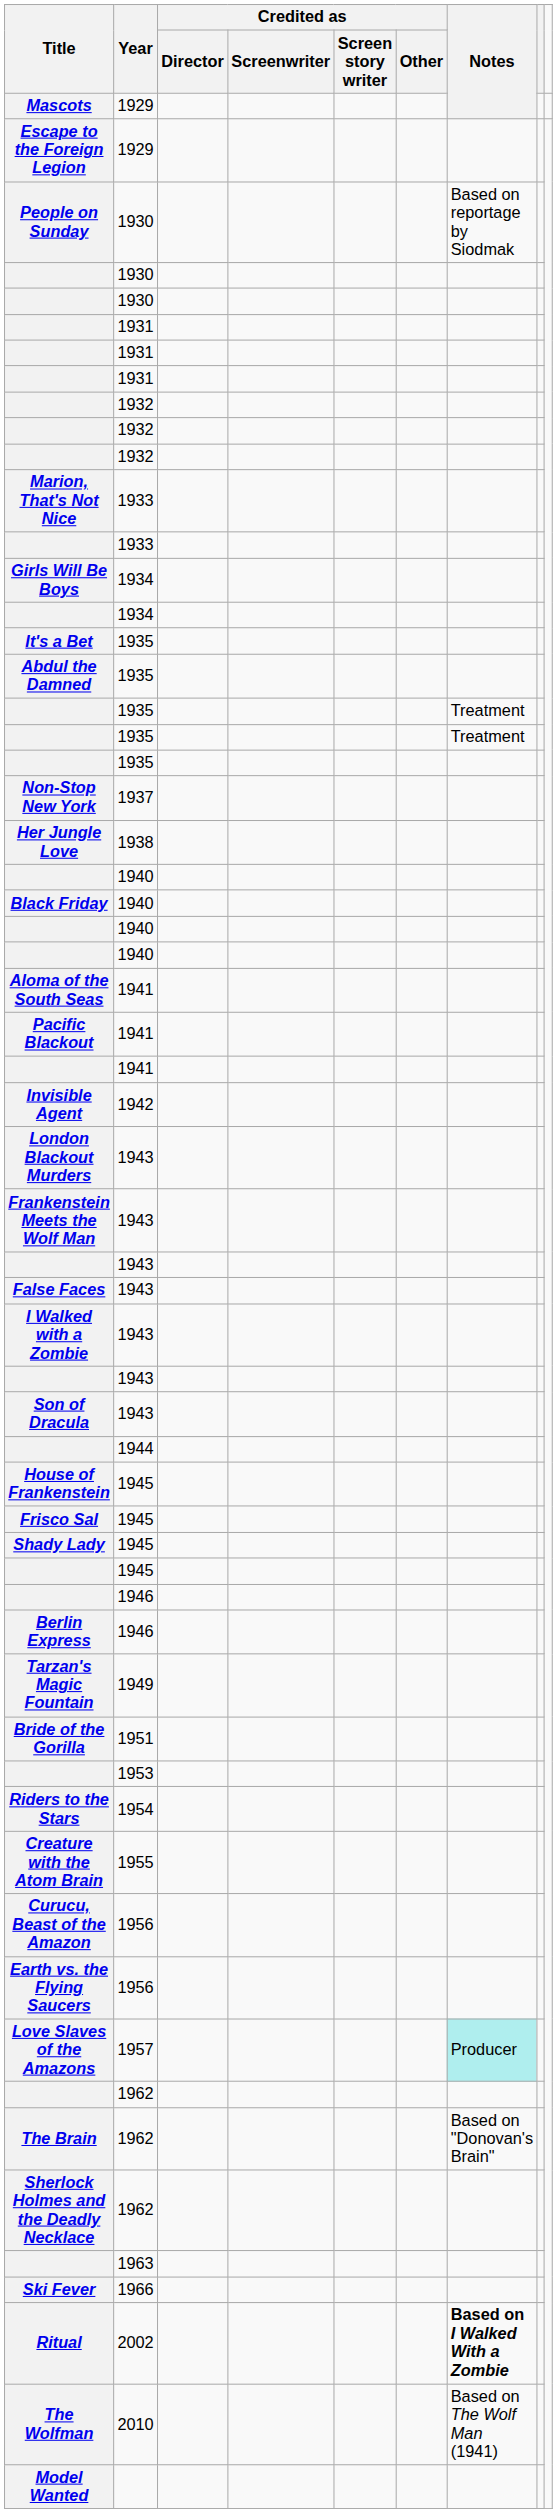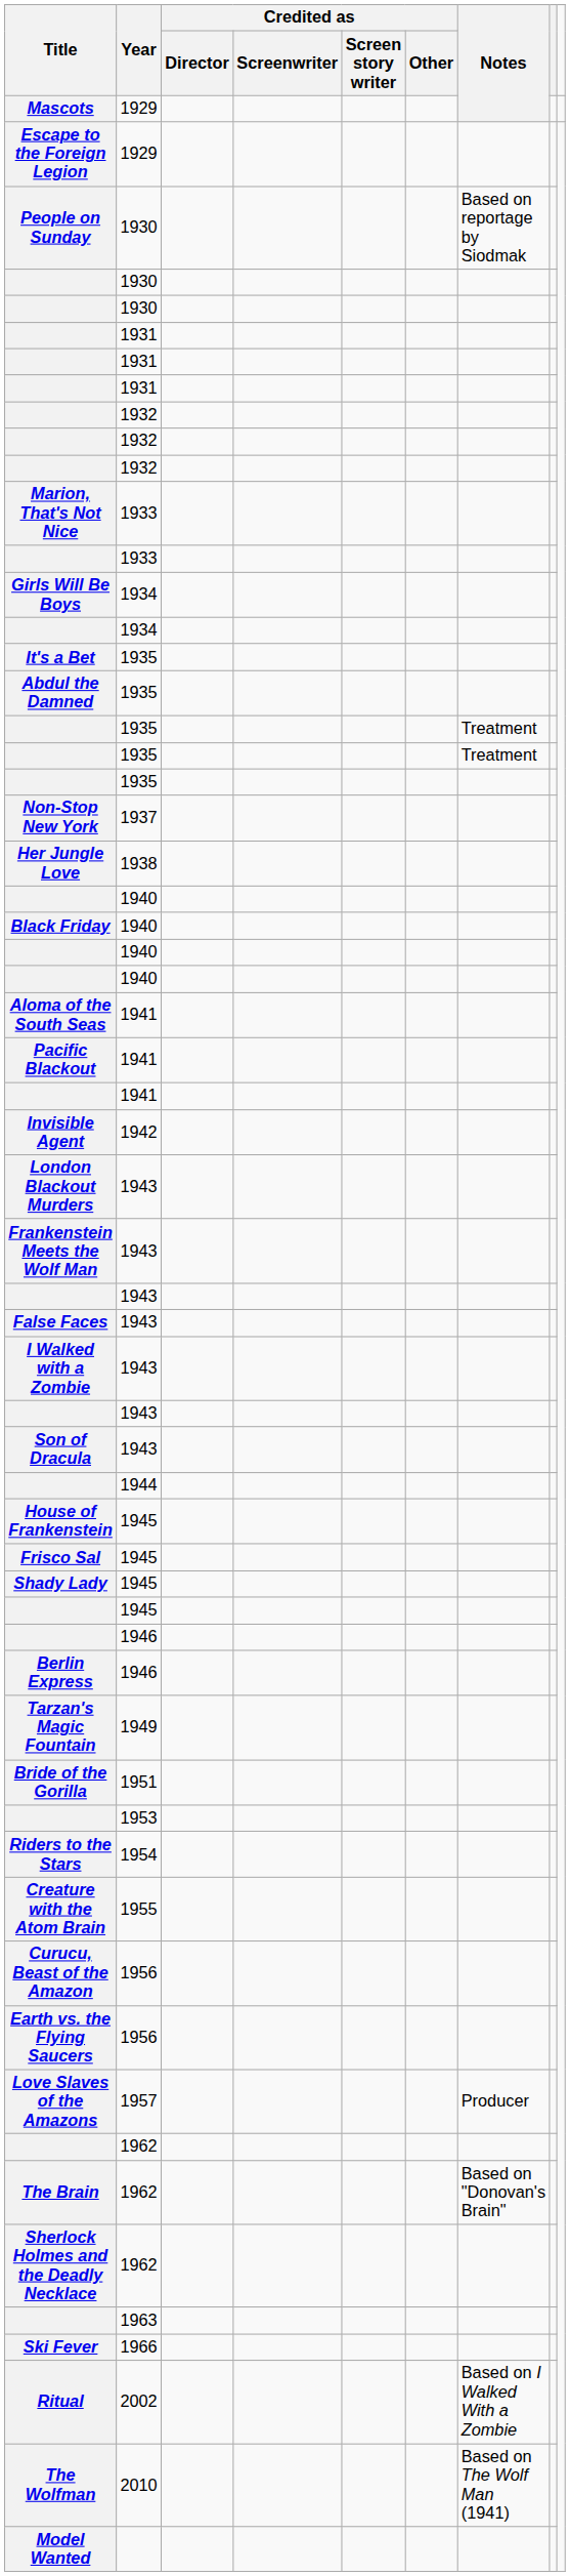 <table class="wikitable sortable plainrowheaders" width="80%">
 <tr>
 <th width="12%" rowspan="2" scope="col">Title</th>
 <th width="4%" rowspan="2" scope="col">Year</th>
 <th colspan="4" scope="col">Credited as</th>
 <th width="5%" rowspan="3" scope="col" class="unsortable">Notes</th>
 <th width="1%" rowspan="2" scope="col" class="unsortable"></th>
 </tr>
 <tr>
 <th width=6%>Director</th>
 <th width=6%>Screenwriter</th>
 <th width=6%>Screen story writer</th>
 <th width=6%>Other</th>
 </tr>
 <tr>
 <th scope="row"><em><a href='#'>Mascots</a></em></th>
 <td>1929</td>
 <td></td>
 <td></td>
 <td></td>
 <td></td>
 <td></td>
 <td style="text-align:center;"></td>
 </tr>
 <tr>
 <th scope="row"><em><a href='#'>Escape to the Foreign Legion</a></em></th>
 <td>1929</td>
 <td></td>
 <td></td>
 <td></td>
 <td></td>
 <td></td>
 <td style="text-align:center;"></td>
 </tr>
 <tr>
 <th scope="row"><em><a href='#'>People on Sunday</a></em></th>
 <td>1930</td>
 <td></td>
 <td></td>
 <td></td>
 <td></td>
 <td>Based on reportage by Siodmak</td>
 <td style="text-align:center;"></td>
 </tr>
 <tr>
 <th scope="row"></th>
 <td>1930</td>
 <td></td>
 <td></td>
 <td></td>
 <td></td>
 <td></td>
 <td style="text-align:center;"></td>
 </tr>
 <tr>
 <th scope="row"></th>
 <td>1930</td>
 <td></td>
 <td></td>
 <td></td>
 <td></td>
 <td></td>
 <td style="text-align:center;"></td>
 </tr>
 <tr>
 <th scope="row"></th>
 <td>1931</td>
 <td></td>
 <td></td>
 <td></td>
 <td></td>
 <td></td>
 <td style="text-align:center;"></td>
 </tr>
 <tr>
 <th scope="row"></th>
 <td>1931</td>
 <td></td>
 <td></td>
 <td></td>
 <td></td>
 <td></td>
 <td style="text-align:center;"></td>
 </tr>
 <tr>
 <th scope="row"></th>
 <td>1931</td>
 <td></td>
 <td></td>
 <td></td>
 <td></td>
 <td></td>
 <td style="text-align:center;"></td>
 </tr>
 <tr>
 <th scope="row"></th>
 <td>1932</td>
 <td></td>
 <td></td>
 <td></td>
 <td></td>
 <td></td>
 <td style="text-align:center;"></td>
 </tr>
 <tr>
 <th scope="row"></th>
 <td>1932</td>
 <td></td>
 <td></td>
 <td></td>
 <td></td>
 <td></td>
 <td style="text-align:center;"></td>
 </tr>
 <tr>
 <th scope="row"></th>
 <td>1932</td>
 <td></td>
 <td></td>
 <td></td>
 <td></td>
 <td></td>
 <td style="text-align:center;"></td>
 </tr>
 <tr>
 <th scope="row"><em><a href='#'>Marion, That's Not Nice</a></em></th>
 <td>1933</td>
 <td></td>
 <td></td>
 <td></td>
 <td></td>
 <td></td>
 <td style="text-align:center;"></td>
 </tr>
 <tr>
 <th scope="row"></th>
 <td>1933</td>
 <td></td>
 <td></td>
 <td></td>
 <td></td>
 <td></td>
 <td style="text-align:center;"></td>
 </tr>
 <tr>
 <th scope="row"><em><a href='#'>Girls Will Be Boys</a></em></th>
 <td>1934</td>
 <td></td>
 <td></td>
 <td></td>
 <td></td>
 <td></td>
 <td style="text-align:center;"></td>
 </tr>
 <tr>
 <th scope="row"></th>
 <td>1934</td>
 <td></td>
 <td></td>
 <td></td>
 <td></td>
 <td></td>
 <td style="text-align:center;"></td>
 </tr>
 <tr>
 <th scope="row"><em><a href='#'>It's a Bet</a></em></th>
 <td>1935</td>
 <td></td>
 <td></td>
 <td></td>
 <td></td>
 <td></td>
 <td style="text-align:center;"></td>
 </tr>
 <tr>
 <th scope="row"><em><a href='#'>Abdul the Damned</a></em></th>
 <td>1935</td>
 <td></td>
 <td></td>
 <td></td>
 <td></td>
 <td></td>
 <td style="text-align:center;"></td>
 </tr>
 <tr>
 <th scope="row"></th>
 <td>1935</td>
 <td></td>
 <td></td>
 <td></td>
 <td></td>
 <td>Treatment</td>
 <td style="text-align:center;"></td>
 </tr>
 <tr>
 <th scope="row"></th>
 <td>1935</td>
 <td></td>
 <td></td>
 <td></td>
 <td></td>
 <td>Treatment</td>
 <td style="text-align:center;"></td>
 </tr>
 <tr>
 <th scope="row"></th>
 <td>1935</td>
 <td></td>
 <td></td>
 <td></td>
 <td></td>
 <td></td>
 <td style="text-align:center;"></td>
 </tr>
 <tr>
 <th scope="row"><em><a href='#'>Non-Stop New York</a></em></th>
 <td>1937</td>
 <td></td>
 <td></td>
 <td></td>
 <td></td>
 <td></td>
 <td style="text-align:center;"></td>
 </tr>
 <tr>
 <th scope="row"><em><a href='#'>Her Jungle Love</a></em></th>
 <td>1938</td>
 <td></td>
 <td></td>
 <td></td>
 <td></td>
 <td></td>
 <td style="text-align:center;"></td>
 </tr>
 <tr>
 <th scope="row"></th>
 <td>1940</td>
 <td></td>
 <td></td>
 <td></td>
 <td></td>
 <td></td>
 <td style="text-align:center;"></td>
 </tr>
 <tr>
 <th scope="row"><em><a href='#'>Black Friday</a></em></th>
 <td>1940</td>
 <td></td>
 <td></td>
 <td></td>
 <td></td>
 <td></td>
 <td style="text-align:center;"></td>
 </tr>
 <tr>
 <th scope="row"></th>
 <td>1940</td>
 <td></td>
 <td></td>
 <td></td>
 <td></td>
 <td></td>
 <td style="text-align:center;"></td>
 </tr>
 <tr>
 <th scope="row"></th>
 <td>1940</td>
 <td></td>
 <td></td>
 <td></td>
 <td></td>
 <td></td>
 <td style="text-align:center;"></td>
 </tr>
 <tr>
 <th scope="row"><em><a href='#'>Aloma of the South Seas</a></em></th>
 <td>1941</td>
 <td></td>
 <td></td>
 <td></td>
 <td></td>
 <td></td>
 <td style="text-align:center;"></td>
 </tr>
 <tr>
 <th scope="row"><em><a href='#'>Pacific Blackout</a></em></th>
 <td>1941</td>
 <td></td>
 <td></td>
 <td></td>
 <td></td>
 <td></td>
 <td style="text-align:center;"></td>
 </tr>
 <tr>
 <th scope="row"></th>
 <td>1941</td>
 <td></td>
 <td></td>
 <td></td>
 <td></td>
 <td></td>
 <td style="text-align:center;"></td>
 </tr>
 <tr>
 <th scope="row"><em><a href='#'>Invisible Agent</a></em></th>
 <td>1942</td>
 <td></td>
 <td></td>
 <td></td>
 <td></td>
 <td></td>
 <td style="text-align:center;"></td>
 </tr>
 <tr>
 <th scope="row"><em><a href='#'>London Blackout Murders</a></em></th>
 <td>1943</td>
 <td></td>
 <td></td>
 <td></td>
 <td></td>
 <td></td>
 <td style="text-align:center;"></td>
 </tr>
 <tr>
 <th scope="row"><em><a href='#'>Frankenstein Meets the Wolf Man</a></em></th>
 <td>1943</td>
 <td></td>
 <td></td>
 <td></td>
 <td></td>
 <td></td>
 <td style="text-align:center;"></td>
 </tr>
 <tr>
 <th scope="row"></th>
 <td>1943</td>
 <td></td>
 <td></td>
 <td></td>
 <td></td>
 <td></td>
 <td style="text-align:center;"></td>
 </tr>
 <tr>
 <th scope="row"><em><a href='#'>False Faces</a></em></th>
 <td>1943</td>
 <td></td>
 <td></td>
 <td></td>
 <td></td>
 <td></td>
 <td style="text-align:center;"></td>
 </tr>
 <tr>
 <th scope="row"><em><a href='#'>I Walked with a Zombie</a></em></th>
 <td>1943</td>
 <td></td>
 <td></td>
 <td></td>
 <td></td>
 <td></td>
 <td style="text-align:center;"></td>
 </tr>
 <tr>
 <th scope="row"></th>
 <td>1943</td>
 <td></td>
 <td></td>
 <td></td>
 <td></td>
 <td></td>
 <td style="text-align:center;"></td>
 </tr>
 <tr>
 <th scope="row"><em><a href='#'>Son of Dracula</a></em></th>
 <td>1943</td>
 <td></td>
 <td></td>
 <td></td>
 <td></td>
 <td></td>
 <td style="text-align:center;"></td>
 </tr>
 <tr>
 <th scope="row"></th>
 <td>1944</td>
 <td></td>
 <td></td>
 <td></td>
 <td></td>
 <td></td>
 <td style="text-align:center;"></td>
 </tr>
 <tr>
 <th scope="row"><em><a href='#'>House of Frankenstein</a></em></th>
 <td>1945</td>
 <td></td>
 <td></td>
 <td></td>
 <td></td>
 <td></td>
 <td style="text-align:center;"></td>
 </tr>
 <tr>
 <th scope="row"><em><a href='#'>Frisco Sal</a></em></th>
 <td>1945</td>
 <td></td>
 <td></td>
 <td></td>
 <td></td>
 <td></td>
 <td style="text-align:center;"></td>
 </tr>
 <tr>
 <th scope="row"><em><a href='#'>Shady Lady</a></em></th>
 <td>1945</td>
 <td></td>
 <td></td>
 <td></td>
 <td></td>
 <td></td>
 <td style="text-align:center;"></td>
 </tr>
 <tr>
 <th scope="row"></th>
 <td>1945</td>
 <td></td>
 <td></td>
 <td></td>
 <td></td>
 <td></td>
 <td style="text-align:center;"></td>
 </tr>
 <tr>
 <th scope="row"></th>
 <td>1946</td>
 <td></td>
 <td></td>
 <td></td>
 <td></td>
 <td></td>
 <td style="text-align:center;"></td>
 </tr>
 <tr>
 <th scope="row"><em><a href='#'>Berlin Express</a></em></th>
 <td>1946</td>
 <td></td>
 <td></td>
 <td></td>
 <td></td>
 <td></td>
 <td style="text-align:center;"></td>
 </tr>
 <tr>
 <th scope="row"><em><a href='#'>Tarzan's Magic Fountain</a></em></th>
 <td>1949</td>
 <td></td>
 <td></td>
 <td></td>
 <td></td>
 <td></td>
 <td style="text-align:center;"></td>
 </tr>
 <tr>
 <th scope="row"><em><a href='#'>Bride of the Gorilla</a></em></th>
 <td>1951</td>
 <td></td>
 <td></td>
 <td></td>
 <td></td>
 <td></td>
 <td style="text-align:center;"></td>
 </tr>
 <tr>
 <th scope="row"></th>
 <td>1953</td>
 <td></td>
 <td></td>
 <td></td>
 <td></td>
 <td></td>
 <td style="text-align:center;"></td>
 </tr>
 <tr>
 <th scope="row"><em><a href='#'>Riders to the Stars</a></em></th>
 <td>1954</td>
 <td></td>
 <td></td>
 <td></td>
 <td></td>
 <td></td>
 <td style="text-align:center;"></td>
 </tr>
 <tr>
 <th scope="row"><em><a href='#'>Creature with the Atom Brain</a></em></th>
 <td>1955</td>
 <td></td>
 <td></td>
 <td></td>
 <td></td>
 <td></td>
 <td style="text-align:center;"></td>
 </tr>
 <tr>
 <th scope="row"><em><a href='#'>Curucu, Beast of the Amazon</a></em></th>
 <td>1956</td>
 <td></td>
 <td></td>
 <td></td>
 <td></td>
 <td></td>
 <td style="text-align:center;"></td>
 </tr>
 <tr>
 <th scope="row"><em><a href='#'>Earth vs. the Flying Saucers</a></em></th>
 <td>1956</td>
 <td></td>
 <td></td>
 <td></td>
 <td></td>
 <td></td>
 <td style="text-align:center;"></td>
 </tr>
 <tr>
 <th scope="row"><em><a href='#'>Love Slaves of the Amazons</a></em></th>
 <td>1957</td>
 <td></td>
 <td></td>
 <td></td>
 <td></td>
-<td style="background: paleturquoise;">Producer</td>
+<td>Producer</td>
 <td style="text-align:center;"></td>
 </tr>
 <tr>
 <th scope="row"></th>
 <td>1962</td>
 <td></td>
 <td></td>
 <td></td>
 <td></td>
 <td></td>
 <td style="text-align:center;"></td>
 </tr>
 <tr>
 <th scope="row"><em><a href='#'>The Brain</a></em></th>
 <td>1962</td>
 <td></td>
 <td></td>
 <td></td>
 <td></td>
 <td>Based on "Donovan's Brain"</td>
 <td style="text-align:center;"></td>
 </tr>
 <tr>
 <th scope="row"><em><a href='#'>Sherlock Holmes and the Deadly Necklace</a></em></th>
 <td>1962</td>
 <td></td>
 <td></td>
 <td></td>
 <td></td>
 <td></td>
 <td style="text-align:center;"></td>
 </tr>
 <tr>
 <th scope="row"></th>
 <td>1963</td>
 <td></td>
 <td></td>
 <td></td>
 <td></td>
 <td></td>
 <td style="text-align:center;"></td>
 </tr>
 <tr>
 <th scope="row"><em><a href='#'>Ski Fever</a></em></th>
 <td>1966</td>
 <td></td>
 <td></td>
 <td></td>
 <td></td>
 <td></td>
 <td style="text-align:center;"></td>
 </tr>
 <tr>
 <th scope="row"><em><a href='#'>Ritual</a></em></th>
 <td>2002</td>
 <td></td>
 <td></td>
 <td></td>
 <td></td>
-<td><strong>Based on <em>I Walked With a Zombie</em></strong></td>
+<td>Based on <em>I Walked With a Zombie</em></td>
 <td style="text-align:center;"></td>
 </tr>
 <tr>
 <th scope="row"><em><a href='#'>The Wolfman</a></em></th>
 <td>2010</td>
 <td></td>
 <td></td>
 <td></td>
 <td></td>
 <td>Based on <em>The Wolf Man</em> (1941)</td>
 <td style="text-align:center;"></td>
 </tr>
 <tr>
 <th scope="row"><em><a href='#'>Model Wanted</a></em></th>
 <td></td>
 <td></td>
 <td></td>
 <td></td>
 <td></td>
 <td></td>
 <td style="text-align:center;"></td>
 </tr>
 <tr>
 </tr>
 </table>
